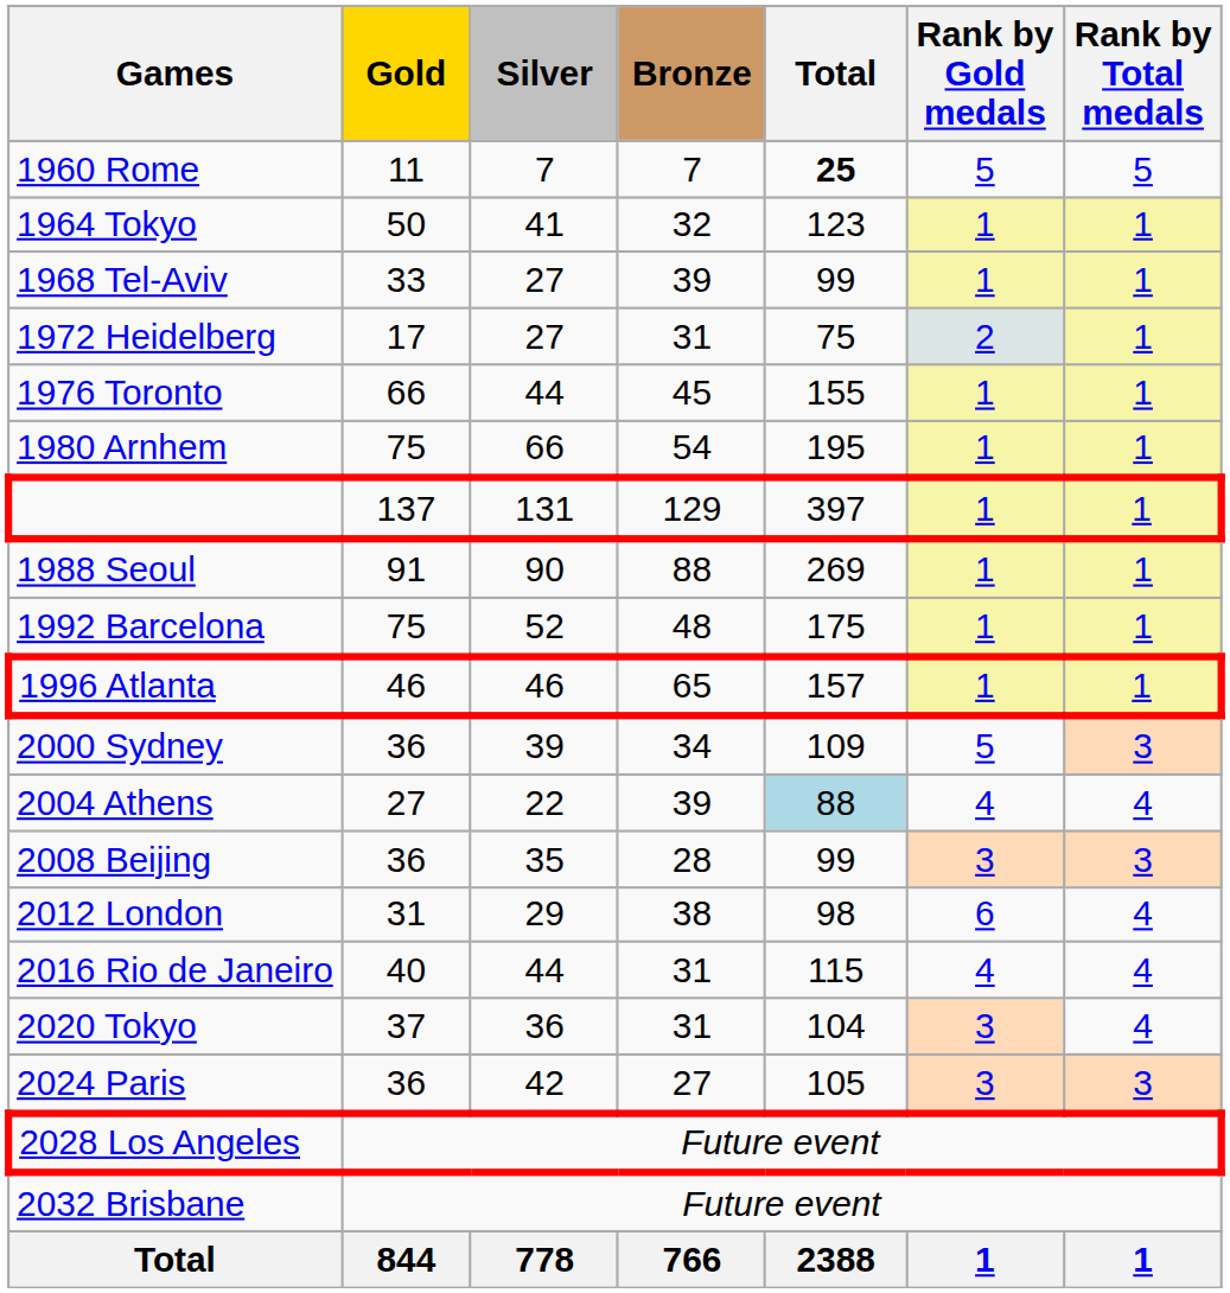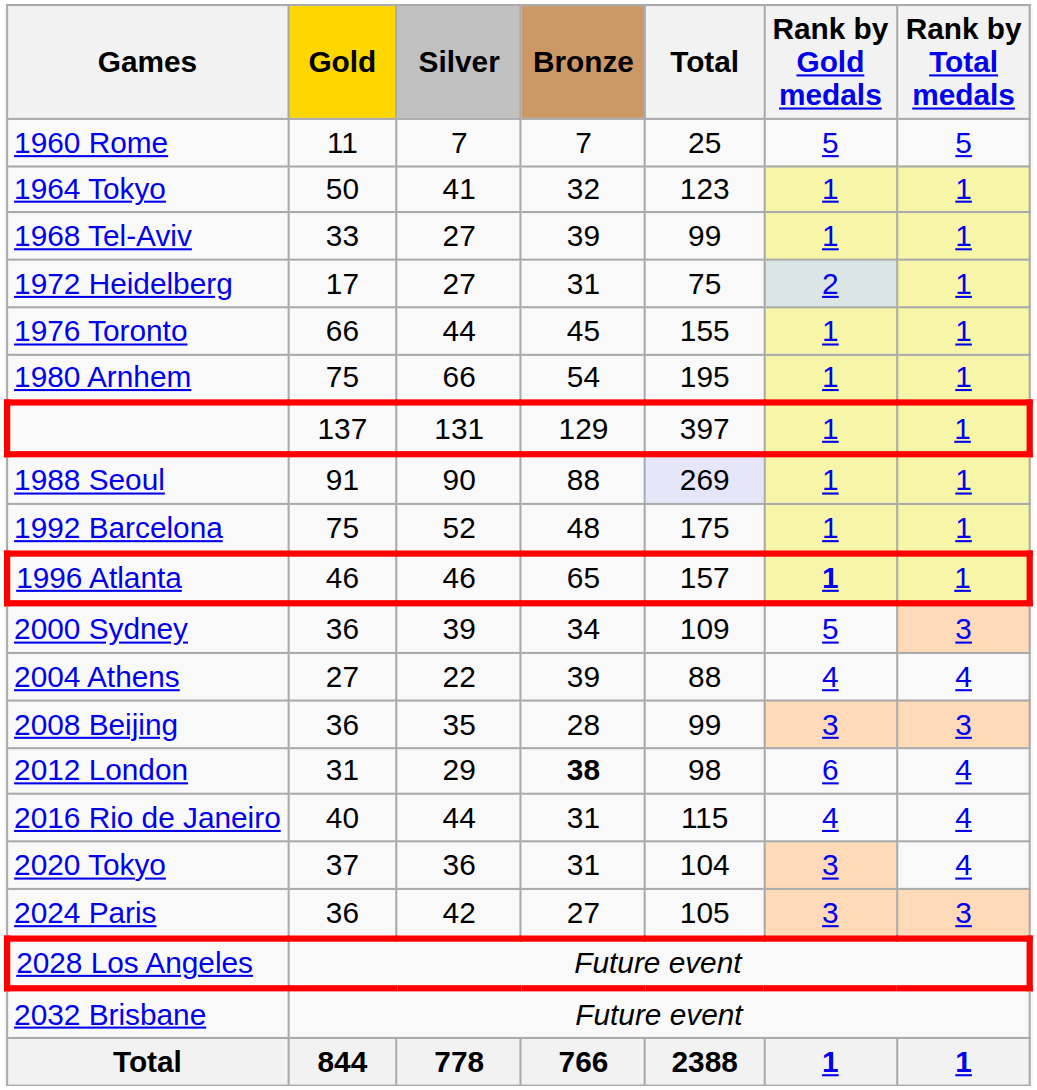 <table class="wikitable" style="text-align:center; font-size:90%;">
 <tr>
 <th>Games</th>
 <td style="background:gold; width:3.2em; font-weight:bold;">Gold</td>
 <td style="background:silver; width:3.7em; font-weight:bold;">Silver</td>
 <td style="background:#c96; width:3.7em; font-weight:bold;">Bronze</td>
 <th style="width:3.5em; font-weight:bold;">Total</th>
 <th style="width:4em; font-weight:bold;">Rank by <a href='#'>Gold medals</a></th>
 <th style="width:4em; font-weight:bold;">Rank by <a href='#'>Total medals</a></th>
 </tr>
 <tr>
 <td align=left> <a href='#'>1960 Rome</a></td>
 <td>11</td>
 <td>7</td>
 <td>7</td>
-<td><strong>25</strong></td>
+<td>25</td>
 <td><a href='#'>5</a></td>
 <td><a href='#'>5</a></td>
 </tr>
 <tr>
 <td align=left> <a href='#'>1964 Tokyo</a></td>
 <td>50</td>
 <td>41</td>
 <td>32</td>
 <td>123</td>
 <td style="background:#f7f6a8;"><a href='#'>1</a></td>
 <td style="background:#f7f6a8;"><a href='#'>1</a></td>
 </tr>
 <tr>
 <td align=left> <a href='#'>1968 Tel-Aviv</a></td>
 <td>33</td>
 <td>27</td>
 <td>39</td>
 <td>99</td>
 <td style="background:#f7f6a8;"><a href='#'>1</a></td>
 <td style="background:#f7f6a8;"><a href='#'>1</a></td>
 </tr>
 <tr>
 <td align=left> <a href='#'>1972 Heidelberg</a></td>
 <td>17</td>
 <td>27</td>
 <td>31</td>
 <td>75</td>
 <td style="background:#dce5e5;"><a href='#'>2</a></td>
 <td style="background:#f7f6a8;"><a href='#'>1</a></td>
 </tr>
 <tr>
 <td align=left> <a href='#'>1976 Toronto</a></td>
 <td>66</td>
 <td>44</td>
 <td>45</td>
 <td>155</td>
 <td style="background:#f7f6a8;"><a href='#'>1</a></td>
 <td style="background:#f7f6a8;"><a href='#'>1</a></td>
 </tr>
 <tr>
 <td align=left> <a href='#'>1980 Arnhem</a></td>
 <td>75</td>
 <td>66</td>
 <td>54</td>
 <td>195</td>
 <td style="background:#f7f6a8;"><a href='#'>1</a></td>
 <td style="background:#f7f6a8;"><a href='#'>1</a></td>
 </tr>
 <tr style="border: 3px solid red">
 <td align=left> <br></td>
 <td>137</td>
 <td>131</td>
 <td>129</td>
 <td>397</td>
 <td style="background:#f7f6a8;"><a href='#'>1</a></td>
 <td style="background:#f7f6a8;"><a href='#'>1</a></td>
 </tr>
 <tr>
 <td align=left> <a href='#'>1988 Seoul</a></td>
 <td>91</td>
 <td>90</td>
 <td>88</td>
-<td>269</td>
+<td style="background: lavender;">269</td>
 <td style="background:#f7f6a8;"><a href='#'>1</a></td>
 <td style="background:#f7f6a8;"><a href='#'>1</a></td>
 </tr>
 <tr>
 <td align=left> <a href='#'>1992 Barcelona</a></td>
 <td>75</td>
 <td>52</td>
 <td>48</td>
 <td>175</td>
 <td style="background:#f7f6a8;"><a href='#'>1</a></td>
 <td style="background:#f7f6a8;"><a href='#'>1</a></td>
 </tr>
 <tr style="border: 3px solid red">
 <td align=left> <a href='#'>1996 Atlanta</a></td>
 <td>46</td>
 <td>46</td>
 <td>65</td>
 <td>157</td>
-<td style="background:#f7f6a8;"><a href='#'>1</a></td>
+<td style="background:#f7f6a8;"><strong><a href='#'>1</a></strong></td>
 <td style="background:#f7f6a8;"><a href='#'>1</a></td>
 </tr>
 <tr>
 <td align=left> <a href='#'>2000 Sydney</a></td>
 <td>36</td>
 <td>39</td>
 <td>34</td>
 <td>109</td>
 <td><a href='#'>5</a></td>
 <td style="background:#ffdab9;"><a href='#'>3</a></td>
 </tr>
 <tr>
 <td align=left> <a href='#'>2004 Athens</a></td>
 <td>27</td>
 <td>22</td>
 <td>39</td>
-<td style="background: lightblue;">88</td>
+<td>88</td>
 <td><a href='#'>4</a></td>
 <td><a href='#'>4</a></td>
 </tr>
 <tr>
 <td align=left> <a href='#'>2008 Beijing</a></td>
 <td>36</td>
 <td>35</td>
 <td>28</td>
 <td>99</td>
 <td style="background:#ffdab9;"><a href='#'>3</a></td>
 <td style="background:#ffdab9;"><a href='#'>3</a></td>
 </tr>
 <tr>
 <td align=left> <a href='#'>2012 London</a></td>
 <td>31</td>
 <td>29</td>
-<td>38</td>
+<td><strong>38</strong></td>
 <td>98</td>
 <td><a href='#'>6</a></td>
 <td><a href='#'>4</a></td>
 </tr>
 <tr>
 <td align=left> <a href='#'>2016 Rio de Janeiro</a></td>
 <td>40</td>
 <td>44</td>
 <td>31</td>
 <td>115</td>
 <td><a href='#'>4</a></td>
 <td><a href='#'>4</a></td>
 </tr>
 <tr>
 <td align=left> <a href='#'>2020 Tokyo</a></td>
 <td>37</td>
 <td>36</td>
 <td>31</td>
 <td>104</td>
 <td style="background:#ffdab9;"><a href='#'>3</a></td>
 <td><a href='#'>4</a></td>
 </tr>
 <tr>
 <td align=left> <a href='#'>2024 Paris</a></td>
 <td>36</td>
 <td>42</td>
 <td>27</td>
 <td>105</td>
 <td style="background:#ffdab9;"><a href='#'>3</a></td>
 <td style="background:#ffdab9;"><a href='#'>3</a></td>
 </tr>
 <tr style="border: 3px solid red">
 <td align=left> <a href='#'>2028 Los Angeles</a></td>
 <td colspan=6; rowspan=1><em>Future event</em></td>
 </tr>
 <tr>
 <td align=left> <a href='#'>2032 Brisbane</a></td>
 <td colspan=6; rowspan=1><em>Future event</em></td>
 </tr>
 <tr>
 <th>Total</th>
 <th>844</th>
 <th>778</th>
 <th>766</th>
 <th>2388</th>
 <th><a href='#'>1</a></th>
 <th><a href='#'>1</a></th>
 </tr>
 </table>
